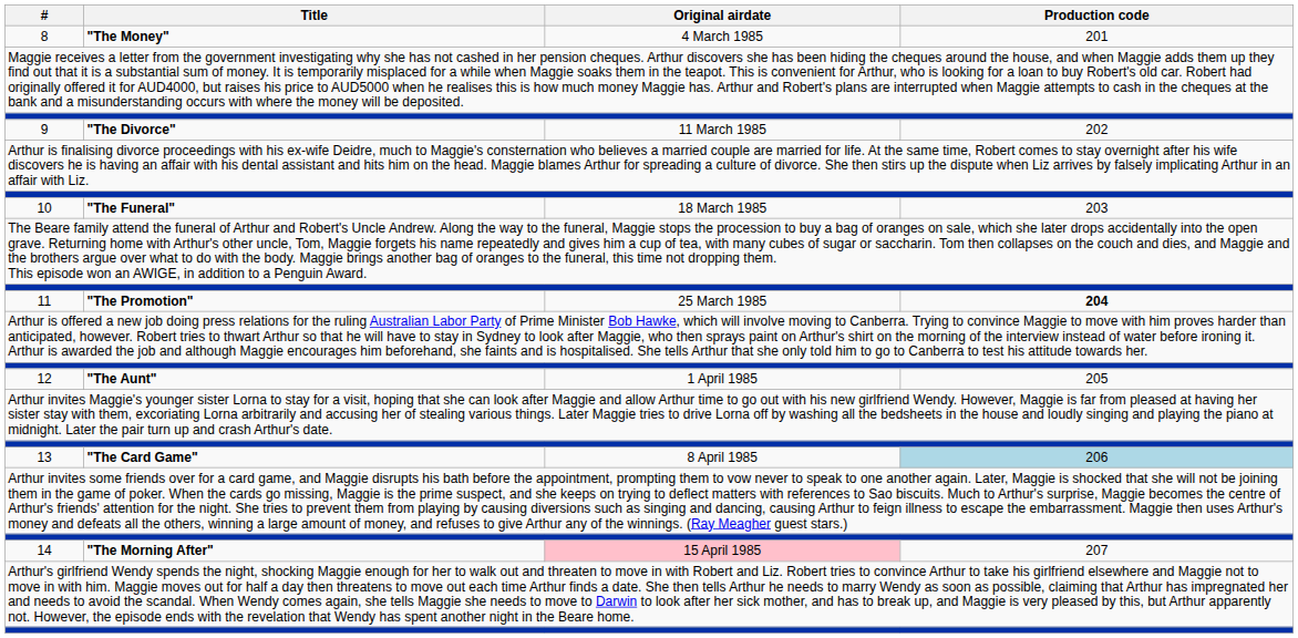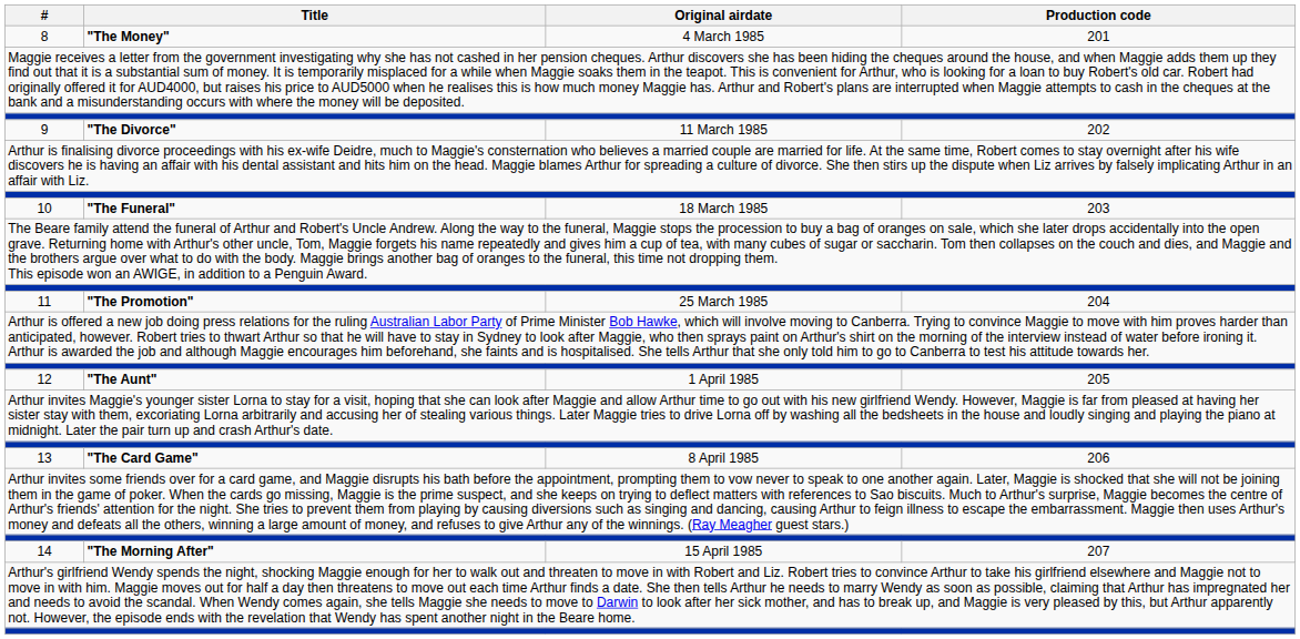 <table class="wikitable" width="98%">
 <tr>
 <th>#</th>
 <th>Title</th>
 <th>Original airdate</th>
 <th>Production code</th>
 </tr>
 <tr>
 <td align="center">8</td>
 <td><strong>"The Money"</strong></td>
 <td align="center">4 March 1985</td>
 <td align="center">201</td>
 </tr>
 <tr>
 <td colspan="4">Maggie receives a letter from the government investigating why she has not cashed in her pension cheques. Arthur discovers she has been hiding the cheques around the house, and when Maggie adds them up they find out that it is a substantial sum of money. It is temporarily misplaced for a while when Maggie soaks them in the teapot. This is convenient for Arthur, who is looking for a loan to buy Robert's old car. Robert had originally offered it for AUD4000, but raises his price to AUD5000 when he realises this is how much money Maggie has. Arthur and Robert's plans are interrupted when Maggie attempts to cash in the cheques at the bank and a misunderstanding occurs with where the money will be deposited.</td>
 </tr>
 <tr>
 <td colspan="4" bgcolor="#002FA7"></td>
 </tr>
 <tr>
 <td align="center">9</td>
 <td><strong>"The Divorce"</strong></td>
 <td align="center">11 March 1985</td>
 <td align="center">202</td>
 </tr>
 <tr>
 <td colspan="4">Arthur is finalising divorce proceedings with his ex-wife Deidre, much to Maggie's consternation who believes a married couple are married for life. At the same time, Robert comes to stay overnight after his wife discovers he is having an affair with his dental assistant and hits him on the head. Maggie blames Arthur for spreading a culture of divorce. She then stirs up the dispute when Liz arrives by falsely implicating Arthur in an affair with Liz.</td>
 </tr>
 <tr>
 <td colspan="4" bgcolor="#002FA7"></td>
 </tr>
 <tr>
 <td align="center">10</td>
 <td><strong>"The Funeral"</strong></td>
 <td align="center">18 March 1985</td>
 <td align="center">203</td>
 </tr>
 <tr>
 <td colspan="4">The Beare family attend the funeral of Arthur and Robert's Uncle Andrew.  Along the way to the funeral, Maggie stops the procession to buy a bag of oranges on sale, which she later drops accidentally into the open grave.  Returning home with Arthur's other uncle, Tom, Maggie forgets his name repeatedly and gives him a cup of tea, with many cubes of sugar or saccharin. Tom then collapses on the couch and dies, and Maggie and the brothers argue over what to do with the body. Maggie brings another bag of oranges to the funeral, this time not dropping them.<br>This episode won an AWIGE, in addition to a Penguin Award.</td>
 </tr>
 <tr>
 <td colspan="4" bgcolor="#002FA7"></td>
 </tr>
 <tr>
 <td align="center">11</td>
 <td><strong>"The Promotion"</strong></td>
 <td align="center">25 March 1985</td>
-<td align="center"><strong>204</strong></td>
+<td align="center">204</td>
 </tr>
 <tr>
 <td colspan="4">Arthur is offered a new job doing press relations for the ruling <a href='#'>Australian Labor Party</a> of Prime Minister <a href='#'>Bob Hawke</a>, which will involve moving to Canberra.  Trying to convince Maggie to move with him proves harder than anticipated, however. Robert tries to thwart Arthur so that he will have to stay in Sydney to look after Maggie, who then sprays paint on Arthur's shirt on the morning of the interview instead of water before ironing it. Arthur is awarded the job and although Maggie encourages him beforehand, she faints and is hospitalised. She tells Arthur that she only told him to go to Canberra to test his attitude towards her.</td>
 </tr>
 <tr>
 <td colspan="4" bgcolor="#002FA7"></td>
 </tr>
 <tr>
 <td align="center">12</td>
 <td><strong>"The Aunt"</strong></td>
 <td align="center">1 April 1985</td>
 <td align="center">205</td>
 </tr>
 <tr>
 <td colspan="4">Arthur invites Maggie's younger sister Lorna to stay for a visit, hoping that she can look after Maggie and allow Arthur time to go out with his new girlfriend Wendy.  However, Maggie is far from pleased at having her sister stay with them, excoriating Lorna arbitrarily and accusing her of stealing various things. Later Maggie tries to drive Lorna off by washing all the bedsheets in the house and loudly singing and playing the piano at midnight. Later the pair turn up and crash Arthur's date.</td>
 </tr>
 <tr>
 <td colspan="4" bgcolor="#002FA7"></td>
 </tr>
 <tr>
 <td align="center">13</td>
 <td><strong>"The Card Game"</strong></td>
 <td align="center">8 April 1985</td>
-<td align="center" style="background: lightblue;">206</td>
+<td align="center">206</td>
 </tr>
 <tr>
 <td colspan="4">Arthur invites some friends over for a card game, and Maggie disrupts his bath before the appointment, prompting them to vow never to speak to one another again. Later, Maggie is shocked that she will not be joining them in the game of poker. When the cards go missing, Maggie is the prime suspect, and she keeps on trying to deflect matters with references to Sao biscuits. Much to Arthur's surprise, Maggie becomes the centre of Arthur's friends' attention for the night. She tries to prevent them from playing by causing diversions such as singing and dancing, causing Arthur to feign illness to escape the embarrassment. Maggie then uses Arthur's money and defeats all the others, winning a large amount of money, and refuses to give Arthur any of the winnings.  (<a href='#'>Ray Meagher</a> guest stars.)</td>
 </tr>
 <tr>
 <td colspan="4" bgcolor="#002FA7"></td>
 </tr>
 <tr>
 <td align="center">14</td>
 <td><strong>"The Morning After"</strong></td>
-<td align="center" style="background: pink;">15 April 1985</td>
+<td align="center">15 April 1985</td>
 <td align="center">207</td>
 </tr>
 <tr>
 <td colspan="4">Arthur's girlfriend Wendy spends the night, shocking Maggie enough for her to walk out and threaten to move in with Robert and Liz. Robert tries to convince Arthur to take his girlfriend elsewhere and Maggie not to move in with him. Maggie moves out for half a day then threatens to move out each time Arthur finds a date. She then tells Arthur he needs to marry Wendy as soon as possible, claiming that Arthur has impregnated her and needs to avoid the scandal. When Wendy comes again, she tells Maggie she needs to move to <a href='#'>Darwin</a> to look after her sick mother, and has to break up, and Maggie is very pleased by this, but Arthur apparently not. However, the episode ends with the revelation that Wendy has spent another night in the Beare home.</td>
 </tr>
 <tr>
 <td colspan="4" bgcolor="#002FA7"></td>
 </tr>
 </table>
